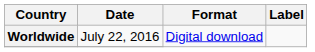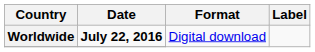 <table class="wikitable plainrowheaders">
 <tr>
 <th scope="col">Country</th>
 <th scope="col">Date</th>
 <th scope="col">Format</th>
 <th scope="col">Label</th>
 </tr>
 <tr>
 <th scope="row">Worldwide</th>
-<td>July 22, 2016</td>
+<td><strong>July 22, 2016</strong></td>
 <td rowspan="4"><a href='#'>Digital download</a></td>
 <td rowspan="5"></td>
 </tr>
 <tr>
 </tr>
 </table>
